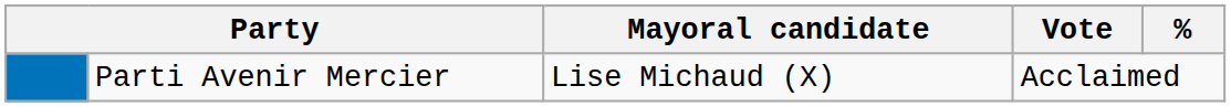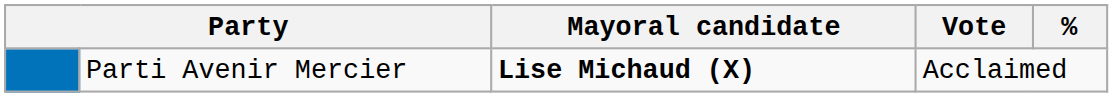 <table class="wikitable">
 <tr>
 <th bgcolor="#DDDDFF" width="230px" colspan="2">Party</th>
 <th bgcolor="#DDDDFF" width="200px">Mayoral candidate</th>
 <th bgcolor="#DDDDFF" width="50px">Vote</th>
 <th bgcolor="#DDDDFF" width="30px">%</th>
 </tr>
 <tr>
 <td bgcolor=#0073BB width="30px"> </td>
 <td>Parti Avenir Mercier</td>
-<td>Lise Michaud (X)</td>
+<td><strong>Lise Michaud (X)</strong></td>
 <td colspan="2">Acclaimed</td>
 </tr>
 </table>
